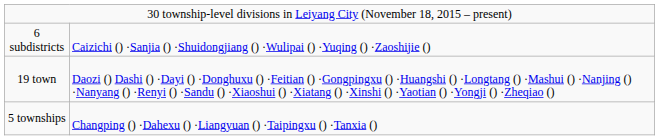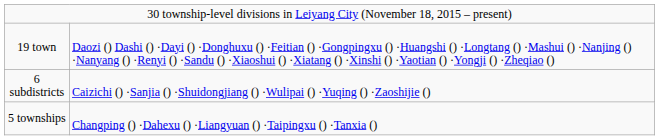 <table class="wikitable">
 <tr>
 <td style="text-align:center;" colspan="2">30 township-level divisions in <a href='#'>Leiyang City</a> (November 18, 2015 – present)</td>
+</tr>
+<tr align=left>
+<td align=center>19 town</td>
+<td><br><a href='#'>Daozi</a> () <a href='#'>Dashi</a> () ·<a href='#'>Dayi</a> () ·<a href='#'>Donghuxu</a> () ·<a href='#'>Feitian</a> () ·<a href='#'>Gongpingxu</a> () ·<a href='#'>Huangshi</a> () ·<a href='#'>Longtang</a> () ·<a href='#'>Mashui</a> () ·<a href='#'>Nanjing</a> () ·<a href='#'>Nanyang</a> () ·<a href='#'>Renyi</a> () ·<a href='#'>Sandu</a> () ·<a href='#'>Xiaoshui</a> () ·<a href='#'>Xiatang</a> () ·<a href='#'>Xinshi</a> () ·<a href='#'>Yaotian</a> () ·<a href='#'>Yongji</a> () ·<a href='#'>Zheqiao</a> ()</td>
 </tr>
 <tr align=left>
 <td align=center>6 subdistricts</td>
 <td><br><a href='#'>Caizichi</a> () ·<a href='#'>Sanjia</a> () ·<a href='#'>Shuidongjiang</a> () ·<a href='#'>Wulipai</a> () ·<a href='#'>Yuqing</a> () ·<a href='#'>Zaoshijie</a> ()</td>
 </tr>
 <tr align=left>
-<td align=center>19 town</td>
-<td><br><a href='#'>Daozi</a> () <a href='#'>Dashi</a> () ·<a href='#'>Dayi</a> () ·<a href='#'>Donghuxu</a> () ·<a href='#'>Feitian</a> () ·<a href='#'>Gongpingxu</a> () ·<a href='#'>Huangshi</a> () ·<a href='#'>Longtang</a> () ·<a href='#'>Mashui</a> () ·<a href='#'>Nanjing</a> () ·<a href='#'>Nanyang</a> () ·<a href='#'>Renyi</a> () ·<a href='#'>Sandu</a> () ·<a href='#'>Xiaoshui</a> () ·<a href='#'>Xiatang</a> () ·<a href='#'>Xinshi</a> () ·<a href='#'>Yaotian</a> () ·<a href='#'>Yongji</a> () ·<a href='#'>Zheqiao</a> ()</td>
-</tr>
-<tr align=left>
 <td align=center>5 townships</td>
 <td><br><a href='#'>Changping</a> () ·<a href='#'>Dahexu</a> () ·<a href='#'>Liangyuan</a> () ·<a href='#'>Taipingxu</a> () ·<a href='#'>Tanxia</a> ()</td>
 </tr>
 </table>
